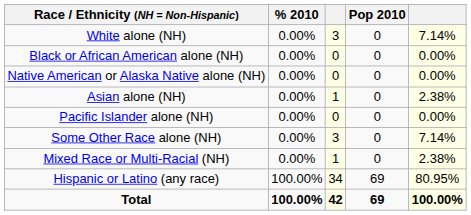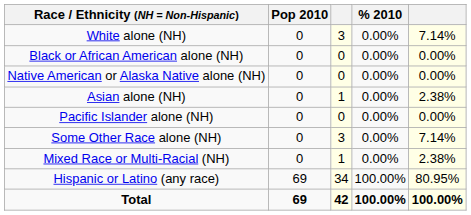 <table class="wikitable" style="text-align:center;">
 <tr>
 <th>Race / Ethnicity <small>(<em>NH = Non-Hispanic</em>)</small></th>
+<th>Pop 2010</th>
+<th></th>
 <th>% 2010</th>
-<th></th>
-<th>Pop 2010</th>
 <th></th>
 </tr>
 <tr>
 <td><a href='#'>White</a> alone (NH)</td>
+<td>0</td>
+<td style='background: #ffffe6;'>3</td>
 <td>0.00%</td>
-<td style='background: #ffffe6;'>3</td>
-<td>0</td>
 <td style='background: #ffffe6;'>7.14%</td>
 </tr>
 <tr>
 <td><a href='#'>Black or African American</a> alone (NH)</td>
+<td>0</td>
+<td style='background: #ffffe6;'>0</td>
 <td>0.00%</td>
-<td style='background: #ffffe6;'>0</td>
-<td>0</td>
 <td style='background: #ffffe6;'>0.00%</td>
 </tr>
 <tr>
 <td><a href='#'>Native American</a> or <a href='#'>Alaska Native</a> alone (NH)</td>
+<td>0</td>
+<td style='background: #ffffe6;'>0</td>
 <td>0.00%</td>
-<td style='background: #ffffe6;'>0</td>
-<td>0</td>
 <td style='background: #ffffe6;'>0.00%</td>
 </tr>
 <tr>
 <td><a href='#'>Asian</a> alone (NH)</td>
+<td>0</td>
+<td style='background: #ffffe6;'>1</td>
 <td>0.00%</td>
-<td style='background: #ffffe6;'>1</td>
-<td>0</td>
 <td style='background: #ffffe6;'>2.38%</td>
 </tr>
 <tr>
 <td><a href='#'>Pacific Islander</a> alone (NH)</td>
+<td>0</td>
+<td style='background: #ffffe6;'>0</td>
 <td>0.00%</td>
-<td style='background: #ffffe6;'>0</td>
-<td>0</td>
 <td style='background: #ffffe6;'>0.00%</td>
 </tr>
 <tr>
 <td><a href='#'>Some Other Race</a> alone (NH)</td>
+<td>0</td>
+<td style='background: #ffffe6;'>3</td>
 <td>0.00%</td>
-<td style='background: #ffffe6;'>3</td>
-<td>0</td>
 <td style='background: #ffffe6;'>7.14%</td>
 </tr>
 <tr>
 <td><a href='#'>Mixed Race or Multi-Racial</a> (NH)</td>
+<td>0</td>
+<td style='background: #ffffe6;'>1</td>
 <td>0.00%</td>
-<td style='background: #ffffe6;'>1</td>
-<td>0</td>
 <td style='background: #ffffe6;'>2.38%</td>
 </tr>
 <tr>
 <td><a href='#'>Hispanic or Latino</a> (any race)</td>
+<td>69</td>
+<td style='background: #ffffe6;'>34</td>
 <td>100.00%</td>
-<td style='background: #ffffe6;'>34</td>
-<td>69</td>
 <td style='background: #ffffe6;'>80.95%</td>
 </tr>
 <tr>
 <td><strong>Total</strong></td>
+<td><strong>69</strong></td>
+<td style='background: #ffffe6;'><strong>42</strong></td>
 <td><strong>100.00%</strong></td>
-<td style='background: #ffffe6;'><strong>42</strong></td>
-<td><strong>69</strong></td>
 <td style='background: #ffffe6;'><strong>100.00%</strong></td>
 </tr>
 </table>
